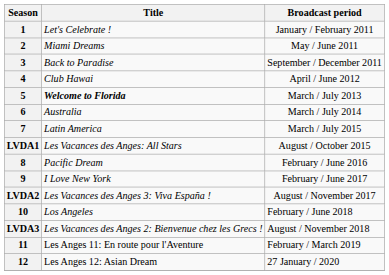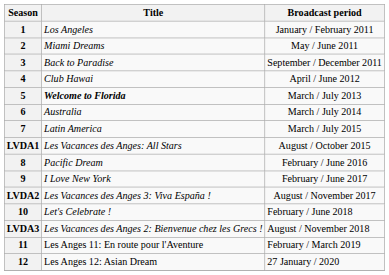 <table class="wikitable" style="font-size:90%;">
 <tr>
 <th>Season</th>
 <th>Title</th>
 <th>Broadcast period</th>
 </tr>
 <tr>
 <th>1</th>
-<td><em>Let's Celebrate !</em></td>
+<td><em>Los Angeles</em></td>
 <td align="center">January / February 2011</td>
 </tr>
 <tr>
 <th>2</th>
 <td><em>Miami Dreams</em></td>
 <td align="center">May / June 2011</td>
 </tr>
 <tr>
 <th>3</th>
 <td><em>Back to Paradise</em></td>
 <td align="center">September / December 2011</td>
 </tr>
 <tr>
 <th>4</th>
 <td><em>Club Hawai</em></td>
 <td align="center">April / June 2012</td>
 </tr>
 <tr>
 <th>5</th>
 <td><strong><em>Welcome to Florida</em></strong></td>
 <td align="center">March / July 2013</td>
 </tr>
 <tr>
 <th>6</th>
 <td><em>Australia</em></td>
 <td align="center">March / July 2014</td>
 </tr>
 <tr>
 <th>7</th>
 <td><em>Latin America</em></td>
 <td align="center">March / July 2015</td>
 </tr>
 <tr>
 <th>LVDA1</th>
 <td><em>Les Vacances des Anges: All Stars</em></td>
 <td align="center">August / October 2015</td>
 </tr>
 <tr>
 <th>8</th>
 <td><em>Pacific Dream</em></td>
 <td align="center">February / June 2016</td>
 </tr>
 <tr>
 <th>9</th>
 <td><em>I Love New York</em></td>
 <td align="center">February / June 2017</td>
 </tr>
 <tr>
 <th>LVDA2</th>
 <td><em>Les Vacances des Anges 3: Viva España !</em></td>
 <td align="center">August / November 2017</td>
 </tr>
 <tr>
 <th>10</th>
-<td><em>Los Angeles</em></td>
+<td><em>Let's Celebrate !</em></td>
 <td>February / June 2018</td>
 </tr>
 <tr>
 <th>LVDA3</th>
 <td><em>Les Vacances des Anges 2: Bienvenue chez les Grecs !</em></td>
 <td>August / November 2018</td>
 </tr>
 <tr>
 <th>11</th>
 <td>Les Anges 11: En route pour l'Aventure</td>
 <td>February / March 2019</td>
 </tr>
 <tr>
 <th>12</th>
 <td>Les Anges 12: Asian Dream</td>
 <td>27 January / 2020</td>
 </tr>
 <tr>
 </tr>
 </table>
